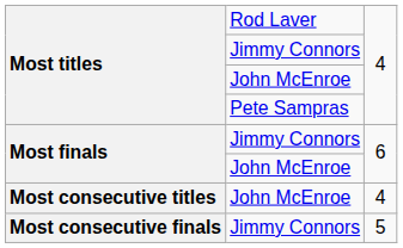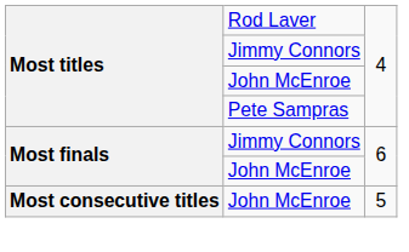 <table class=wikitable>
 <tr>
 <th rowspan = 4 style="text-align:left;">Most titles</th>
 <td> <a href='#'>Rod Laver</a></td>
 <td rowspan="4" style="text-align:center; width:20px;">4</td>
 </tr>
 <tr>
 <td> <a href='#'>Jimmy Connors</a></td>
 </tr>
 <tr>
 <td> <a href='#'>John McEnroe</a></td>
 </tr>
 <tr>
 <td> <a href='#'>Pete Sampras</a></td>
 </tr>
 <tr>
 <th rowspan = 2 style="text-align:left;">Most finals</th>
 <td> <a href='#'>Jimmy Connors</a></td>
 <td rowspan="2" style="text-align:center; width:20px;">6</td>
 </tr>
 <tr>
 <td> <a href='#'>John McEnroe</a></td>
 </tr>
 <tr>
 <th style="text-align:left;">Most consecutive titles<br> </th>
 <td> <a href='#'>John McEnroe</a><br></td>
-<td style="text-align:center; width:20px;">4</td>
-</tr>
-<tr>
-<th style="text-align:left;">Most consecutive finals<br> </th>
-<td> <a href='#'>Jimmy Connors</a><br></td>
 <td style="text-align:center; width:20px;">5</td>
 </tr>
 </table>
